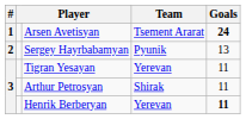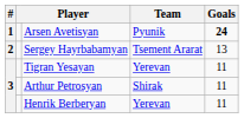 <table class="wikitable">
 <tr>
 <th>#</th>
 <th colspan=2>Player</th>
 <th>Team</th>
 <th>Goals</th>
 </tr>
 <tr>
 <th>1</th>
 <td></td>
 <td><a href='#'>Arsen Avetisyan</a></td>
-<td><a href='#'>Tsement Ararat</a></td>
+<td><a href='#'>Pyunik</a></td>
 <td align=center><strong>24</strong></td>
 </tr>
 <tr>
 <th>2</th>
 <td></td>
 <td><a href='#'>Sergey Hayrbabamyan</a></td>
-<td><a href='#'>Pyunik</a></td>
+<td><a href='#'>Tsement Ararat</a></td>
 <td align=center>13</td>
 </tr>
 <tr>
 <th rowspan=3>3</th>
 <td></td>
 <td><a href='#'>Tigran Yesayan</a></td>
 <td><a href='#'>Yerevan</a></td>
 <td align=center>11</td>
 </tr>
 <tr>
 <td></td>
 <td><a href='#'>Arthur Petrosyan</a></td>
 <td><a href='#'>Shirak</a></td>
 <td align=center>11</td>
 </tr>
 <tr>
 <td></td>
 <td><a href='#'>Henrik Berberyan</a></td>
 <td><a href='#'>Yerevan</a></td>
-<td align=center><strong>11</strong></td>
+<td align=center>11</td>
 </tr>
 </table>
